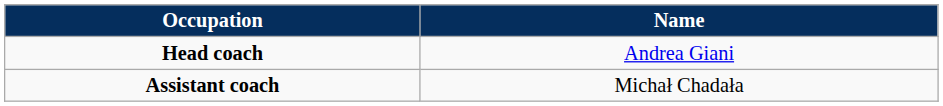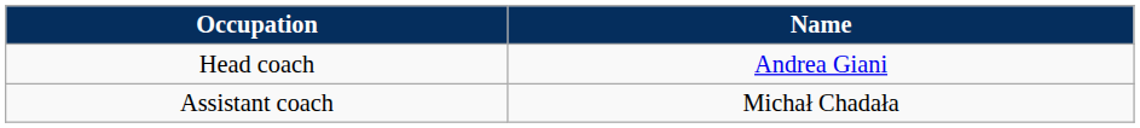 <table class="wikitable" style="font-size:100%; text-align:center">
 <tr>
 <th style="width:20em; color:#FFFFFF; background-color:#052E5D">Occupation</th>
 <th colspan="2" style="width:25em; color:#FFFFFF; background-color:#052E5D">Name</th>
 </tr>
 <tr>
-<td><strong>Head coach</strong></td>
+<td>Head coach</td>
 <td colspan="2"> <a href='#'>Andrea Giani</a></td>
 </tr>
 <tr>
-<td><strong>Assistant coach</strong></td>
+<td>Assistant coach</td>
 <td colspan="2"> Michał Chadała</td>
 </tr>
 </table>
